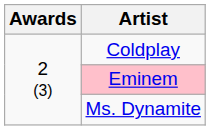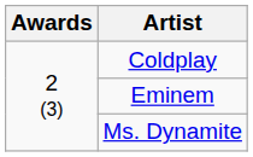 <table class="wikitable" rowspan="2" style="text-align:center;">
 <tr>
 <th scope="col" style="width:55px;">Awards</th>
 <th scope="col" style="text-align:center;">Artist</th>
 </tr>
 <tr>
 <td rowspan="3">2<br><small>(3)</small></td>
 <td><a href='#'>Coldplay</a></td>
 </tr>
 <tr>
-<td style="background: pink;"><a href='#'>Eminem</a></td>
+<td><a href='#'>Eminem</a></td>
 </tr>
 <tr>
 <td><a href='#'>Ms. Dynamite</a></td>
 </tr>
 </table>
